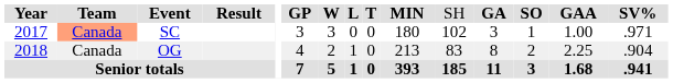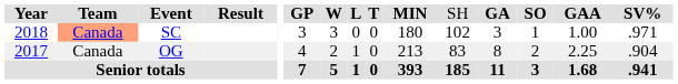 <table border="0" cellpadding="0" cellspacing="0" style="width:40em;">
 <tr>
 <th colspan="3" style="background:#fff;"></th>
 <th rowspan="99" style="background:#fff;"></th>
 </tr>
 <tr style="background:#e0e0e0; text-align:center;">
 <th>Year</th>
 <th>Team</th>
 <th>Event</th>
 <th>Result</th>
 <th rowspan="99" style="background:#fff;"> </th>
 <th>GP</th>
 <th>W</th>
 <th>L</th>
 <th>T</th>
 <th>MIN</th>
 <td>SH</td>
 <th>GA</th>
 <th>SO</th>
 <th>GAA</th>
 <th>SV%</th>
 </tr>
 <tr style="text-align:center;">
-<td><a href='#'>2017</a></td>
+<td><a href='#'>2018</a></td>
 <td style="background: lightsalmon;"><a href='#'>Canada</a></td>
 <td><a href='#'>SC</a></td>
 <td></td>
 <td>3</td>
 <td>3</td>
 <td>0</td>
 <td>0</td>
 <td>180</td>
 <td>102</td>
 <td>3</td>
 <td>1</td>
 <td>1.00</td>
 <td>.971</td>
 </tr>
 <tr style="text-align:center;" bgcolor="#f0f0f0">
-<td><a href='#'>2018</a></td>
+<td><a href='#'>2017</a></td>
 <td>Canada</td>
 <td><a href='#'>OG</a></td>
 <td></td>
 <td>4</td>
 <td>2</td>
 <td>1</td>
 <td>0</td>
 <td>213</td>
 <td>83</td>
 <td>8</td>
 <td>2</td>
 <td>2.25</td>
 <td>.904</td>
 </tr>
 <tr style="background:#e0e0e0; text-align:center;">
 <th colspan=5>Senior totals</th>
 <th>7</th>
 <th>5</th>
 <th>1</th>
 <th>0</th>
 <th>393</th>
 <th>185</th>
 <th>11</th>
 <th>3</th>
 <th>1.68</th>
 <th>.941</th>
 </tr>
 </table>
